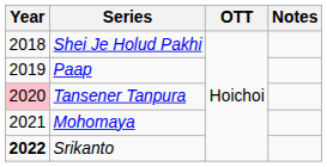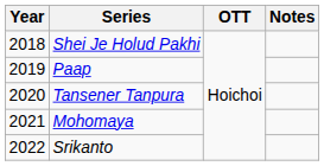 <table class="wikitable sortable">
 <tr>
 <th>Year</th>
 <th>Series</th>
 <th>OTT</th>
 <th>Notes</th>
 </tr>
 <tr>
 <td>2018</td>
 <td><em><a href='#'>Shei Je Holud Pakhi</a></em></td>
 <td rowspan="5">Hoichoi</td>
 <td></td>
 </tr>
 <tr>
 <td>2019</td>
 <td><em><a href='#'>Paap</a></em></td>
 <td></td>
 </tr>
 <tr>
-<td style="background: pink;">2020</td>
+<td>2020</td>
 <td><em><a href='#'>Tansener Tanpura</a></em></td>
 <td></td>
 </tr>
 <tr>
 <td>2021</td>
 <td><em><a href='#'>Mohomaya</a></em></td>
 <td></td>
 </tr>
 <tr>
-<td><strong>2022</strong></td>
+<td>2022</td>
 <td><em>Srikanto</em></td>
 <td></td>
 </tr>
 </table>
